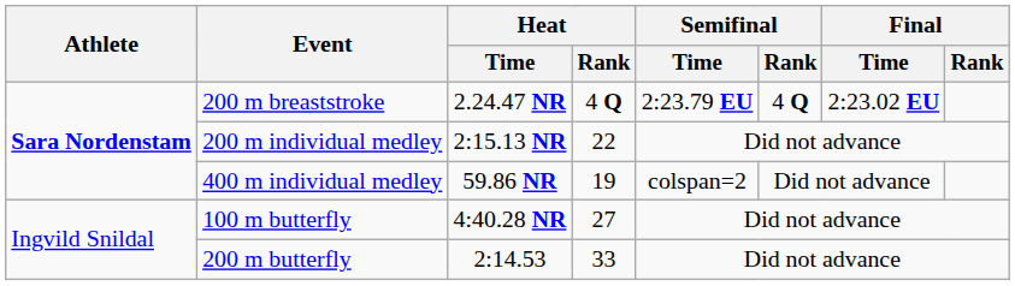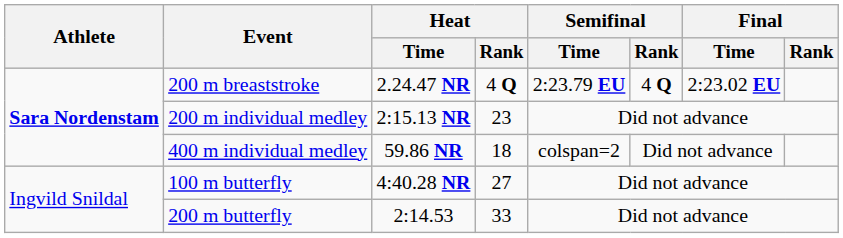 <table class=wikitable style="font-size:90%">
 <tr>
 <th rowspan="2">Athlete</th>
 <th rowspan="2">Event</th>
 <th colspan="2">Heat</th>
 <th colspan="2">Semifinal</th>
 <th colspan="2">Final</th>
 </tr>
 <tr style="font-size:95%">
 <th>Time</th>
 <th>Rank</th>
 <th>Time</th>
 <th>Rank</th>
 <th>Time</th>
 <th>Rank</th>
 </tr>
 <tr align=center>
 <td align=left rowspan=3><strong><a href='#'>Sara Nordenstam</a></strong></td>
 <td align=left><a href='#'>200 m breaststroke</a></td>
 <td>2.24.47 <strong><a href='#'>NR</a></strong></td>
 <td>4 <strong>Q</strong></td>
 <td>2:23.79 <strong><a href='#'>EU</a></strong></td>
 <td>4 <strong>Q</strong></td>
 <td>2:23.02 <strong><a href='#'>EU</a></strong></td>
 <td></td>
 </tr>
 <tr align=center>
 <td align=left><a href='#'>200 m individual medley</a></td>
 <td>2:15.13 <strong><a href='#'>NR</a></strong></td>
-<td>22</td>
+<td>23</td>
 <td colspan=4>Did not advance</td>
 </tr>
 <tr align=center>
 <td align=left><a href='#'>400 m individual medley</a></td>
 <td>59.86 <strong><a href='#'>NR</a></strong></td>
-<td>19</td>
+<td>18</td>
 <td>colspan=2 </td>
 <td colspan=2>Did not advance</td>
 </tr>
 <tr align=center>
 <td align=left rowspan=2><a href='#'>Ingvild Snildal</a></td>
 <td align=left><a href='#'>100 m butterfly</a></td>
 <td>4:40.28 <strong><a href='#'>NR</a></strong></td>
 <td>27</td>
 <td colspan=4>Did not advance</td>
 </tr>
 <tr align=center>
 <td align=left><a href='#'>200 m butterfly</a></td>
 <td>2:14.53</td>
 <td>33</td>
 <td colspan=4>Did not advance</td>
 </tr>
 </table>
